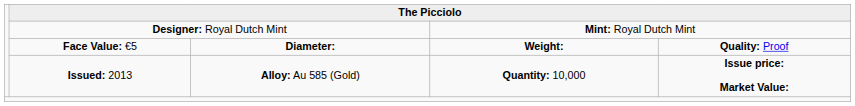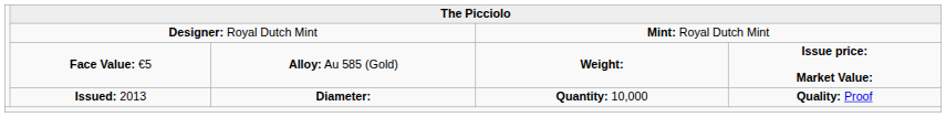 <table class="wikitable" width=100%>
 <tr>
 <td rowspan=4 width="330px" nowrap align=center></td>
 <th colspan="4" align=center style="background:#eeeeee;">The Picciolo</th>
 </tr>
 <tr>
 <td colspan="2" width="50%" align=center><strong>Designer:</strong> Royal Dutch Mint</td>
 <td colspan="2" width="50%" align=center><strong>Mint:</strong> Royal Dutch Mint</td>
 </tr>
 <tr>
 <td align=center><strong>Face Value:</strong> €5</td>
-<td align=center><strong>Diameter:</strong> </td>
+<td align=center><strong>Alloy:</strong> Au 585 (Gold)</td>
 <td align=center><strong>Weight:</strong> </td>
-<td align=center><strong>Quality:</strong> <a href='#'>Proof</a></td>
+<td align=center><strong>Issue price:</strong><br><br> <strong>Market Value:</strong></td>
 </tr>
 <tr>
 <td align=center><strong>Issued:</strong> 2013</td>
-<td align=center><strong>Alloy:</strong> Au 585 (Gold)</td>
+<td align=center><strong>Diameter:</strong> </td>
 <td align=center><strong>Quantity:</strong> 10,000</td>
-<td align=center><strong>Issue price:</strong><br><br> <strong>Market Value:</strong></td>
+<td align=center><strong>Quality:</strong> <a href='#'>Proof</a></td>
 </tr>
 <tr>
 <td colspan="5" align=left></td>
 </tr>
 </table>
